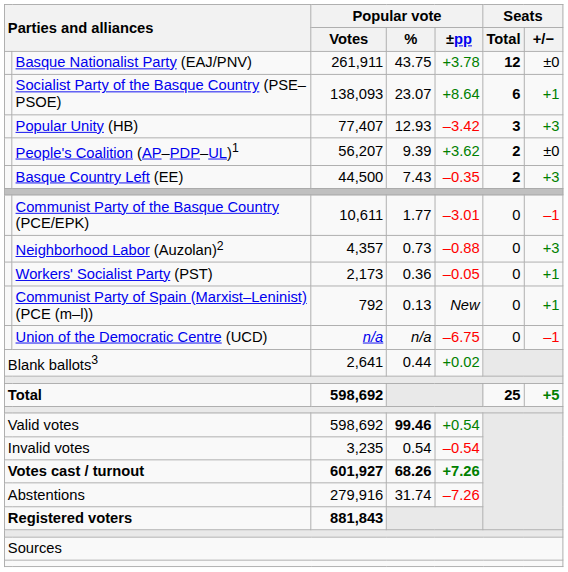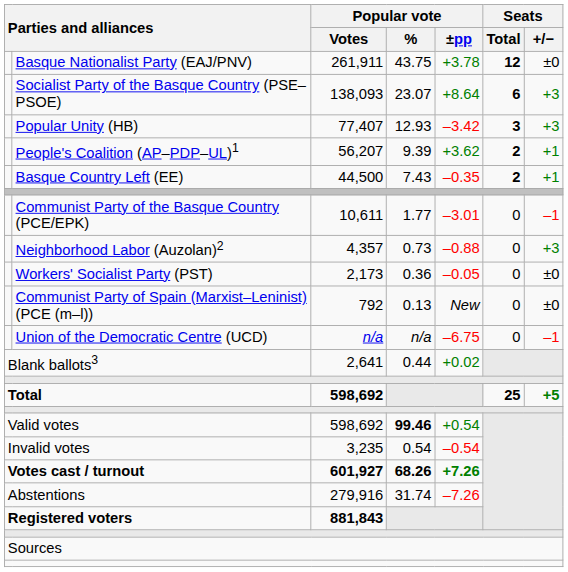 <table class="wikitable" style="text-align:right;">
 <tr>
 <th style="text-align:left;" rowspan="2" colspan="2" width="525">Parties and alliances</th>
 <th colspan="3">Popular vote</th>
 <th colspan="2">Seats</th>
 </tr>
 <tr>
 <th width="75">Votes</th>
 <th width="45">%</th>
 <th width="45">±<a href='#'>pp</a></th>
 <th width="35">Total</th>
 <th width="35">+/−</th>
 </tr>
 <tr>
 <td width="1" style="color:inherit;background:"></td>
 <td align="left"><a href='#'>Basque Nationalist Party</a> (EAJ/PNV)</td>
 <td>261,911</td>
 <td>43.75</td>
 <td style="color:green;">+3.78</td>
 <td><strong>12</strong></td>
 <td>±0</td>
 </tr>
 <tr>
 <td style="color:inherit;background:"></td>
 <td align="left"><a href='#'>Socialist Party of the Basque Country</a> (PSE–PSOE)</td>
 <td>138,093</td>
 <td>23.07</td>
 <td style="color:green;">+8.64</td>
 <td><strong>6</strong></td>
-<td style="color:green;">+1</td>
+<td style="color:green;">+3</td>
 </tr>
 <tr>
 <td style="color:inherit;background:"></td>
 <td align="left"><a href='#'>Popular Unity</a> (HB)</td>
 <td>77,407</td>
 <td>12.93</td>
 <td style="color:red;">–3.42</td>
 <td><strong>3</strong></td>
 <td style="color:green;">+3</td>
 </tr>
 <tr>
 <td style="color:inherit;background:"></td>
 <td align="left"><a href='#'>People's Coalition</a> (<a href='#'>AP</a>–<a href='#'>PDP</a>–<a href='#'>UL</a>)<sup>1</sup></td>
 <td>56,207</td>
 <td>9.39</td>
 <td style="color:green;">+3.62</td>
 <td><strong>2</strong></td>
-<td>±0</td>
+<td style="color:green;">+1</td>
 </tr>
 <tr>
 <td style="color:inherit;background:"></td>
 <td align="left"><a href='#'>Basque Country Left</a> (EE)</td>
 <td>44,500</td>
 <td>7.43</td>
 <td style="color:red;">–0.35</td>
 <td><strong>2</strong></td>
-<td style="color:green;">+3</td>
+<td style="color:green;">+1</td>
 </tr>
 <tr>
 <td colspan="7" bgcolor="#C0C0C0"></td>
 </tr>
 <tr>
 <td style="color:inherit;background:"></td>
 <td align="left"><a href='#'>Communist Party of the Basque Country</a> (PCE/EPK)</td>
 <td>10,611</td>
 <td>1.77</td>
 <td style="color:red;">–3.01</td>
 <td>0</td>
 <td style="color:red;">–1</td>
 </tr>
 <tr>
 <td style="color:inherit;background:"></td>
 <td align="left"><a href='#'>Neighborhood Labor</a> (Auzolan)<sup>2</sup></td>
 <td>4,357</td>
 <td>0.73</td>
 <td style="color:red;">–0.88</td>
 <td>0</td>
 <td style="color:green;">+3</td>
 </tr>
 <tr>
 <td style="color:inherit;background:"></td>
 <td align="left"><a href='#'>Workers' Socialist Party</a> (PST)</td>
 <td>2,173</td>
 <td>0.36</td>
 <td style="color:red;">–0.05</td>
 <td>0</td>
-<td style="color:green;">+1</td>
+<td>±0</td>
 </tr>
 <tr>
 <td style="color:inherit;background:"></td>
 <td align="left"><a href='#'>Communist Party of Spain (Marxist–Leninist)</a> (PCE (m–l))</td>
 <td>792</td>
 <td>0.13</td>
 <td><em>New</em></td>
 <td>0</td>
-<td style="color:green;">+1</td>
+<td>±0</td>
 </tr>
 <tr>
 <td style="color:inherit;background:"></td>
 <td align="left"><a href='#'>Union of the Democratic Centre</a> (UCD)</td>
 <td><em><a href='#'>n/a</a></em></td>
 <td><em>n/a</em></td>
 <td style="color:red;">–6.75</td>
 <td>0</td>
 <td style="color:red;">–1</td>
 </tr>
 <tr>
 <td align="left" colspan="2">Blank ballots<sup>3</sup></td>
 <td>2,641</td>
 <td>0.44</td>
 <td style="color:green;">+0.02</td>
 <td bgcolor="#E9E9E9" colspan="2"></td>
 </tr>
 <tr>
 <td colspan="7" bgcolor="#E9E9E9"></td>
 </tr>
 <tr style="font-weight:bold;">
 <td align="left" colspan="2">Total</td>
 <td>598,692</td>
 <td bgcolor="#E9E9E9" colspan="2"></td>
 <td>25</td>
 <td style="color:green;">+5</td>
 </tr>
 <tr>
 <td colspan="7" bgcolor="#E9E9E9"></td>
 </tr>
 <tr>
 <td align="left" colspan="2">Valid votes</td>
 <td>598,692</td>
 <td><strong>99.46</strong></td>
 <td style="color:green;">+0.54</td>
 <td bgcolor="#E9E9E9" colspan="2" rowspan="5"></td>
 </tr>
 <tr>
 <td align="left" colspan="2">Invalid votes</td>
 <td>3,235</td>
 <td>0.54</td>
 <td style="color:red;">–0.54</td>
 </tr>
 <tr style="font-weight:bold;">
 <td align="left" colspan="2">Votes cast / turnout</td>
 <td>601,927</td>
 <td>68.26</td>
 <td style="color:green;">+7.26</td>
 </tr>
 <tr>
 <td align="left" colspan="2">Abstentions</td>
 <td>279,916</td>
 <td>31.74</td>
 <td style="color:red;">–7.26</td>
 </tr>
 <tr style="font-weight:bold;">
 <td align="left" colspan="2">Registered voters</td>
 <td>881,843</td>
 <td bgcolor="#E9E9E9" colspan="2"></td>
 </tr>
 <tr>
 <td colspan="7" bgcolor="#E9E9E9"></td>
 </tr>
 <tr>
 <td align="left" colspan="7">Sources</td>
 </tr>
 <tr>
 <td colspan="7" style="text-align:left; max-width:790px;"></td>
 </tr>
 </table>
